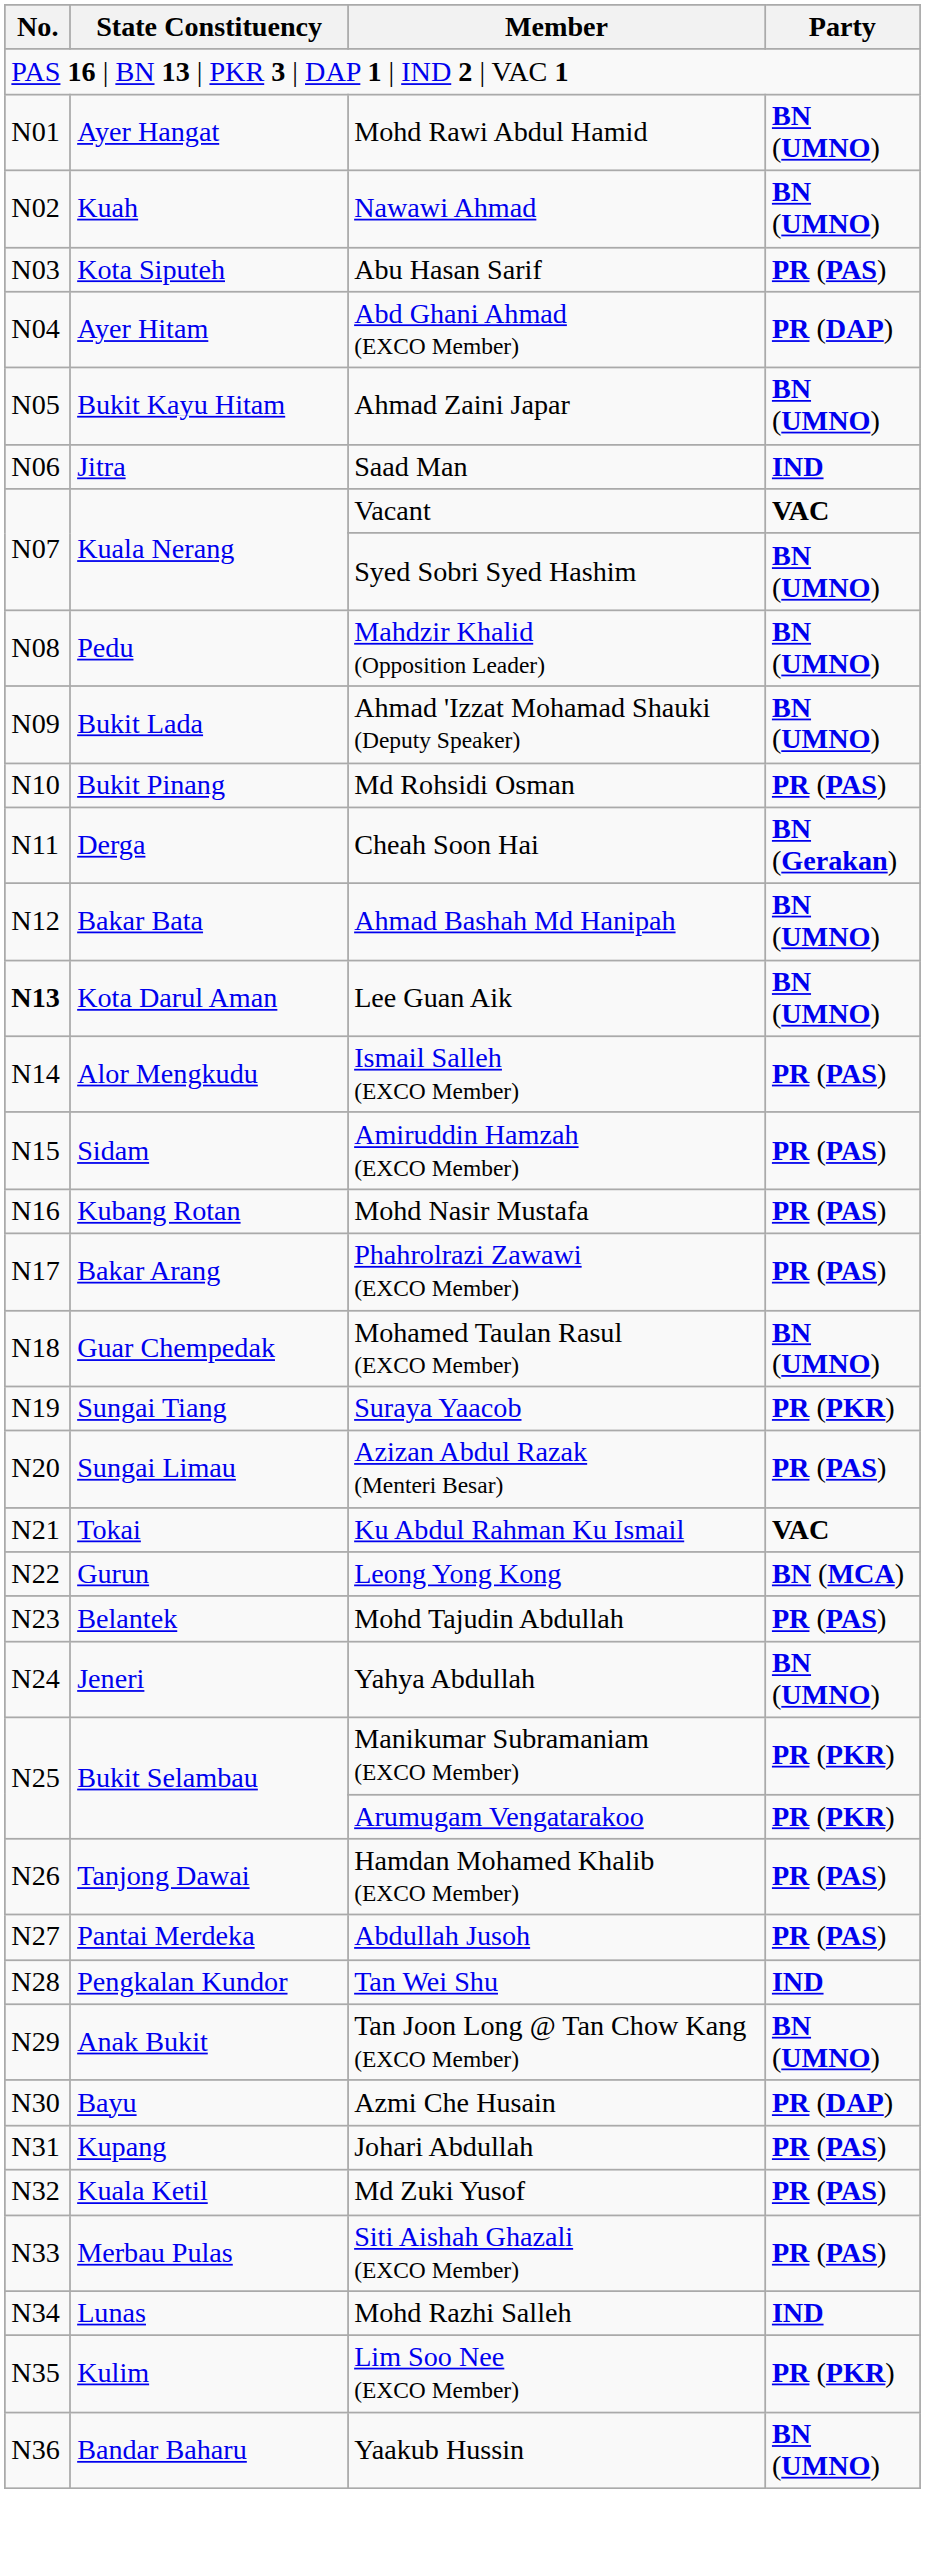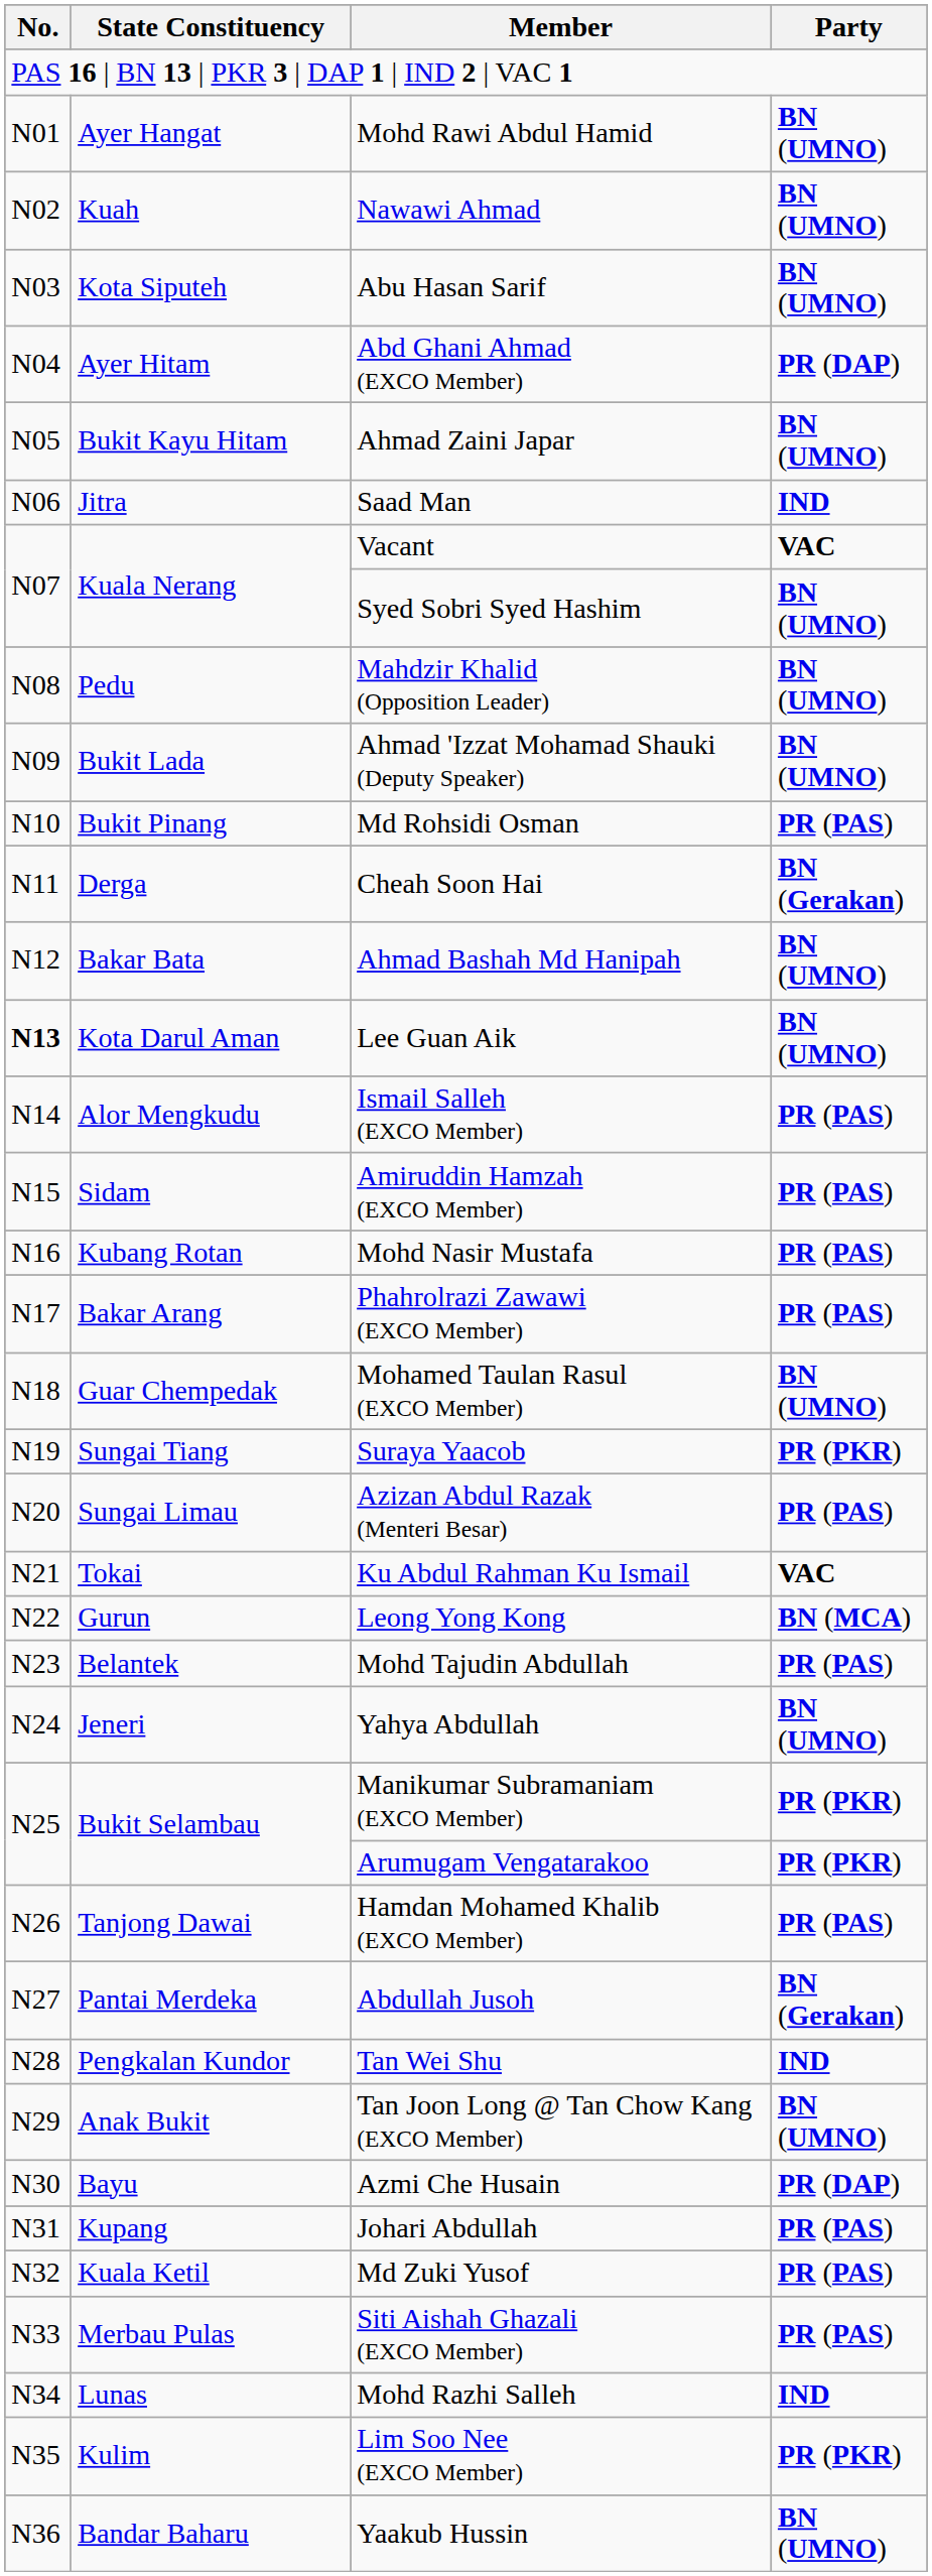 <table class="wikitable sortable">
 <tr>
 <th style="width:30px;">No.</th>
 <th style="width:150px;">State Constituency</th>
 <th style="width:230px;">Member</th>
 <th style="width:80px;">Party</th>
 </tr>
 <tr>
 <td colspan="4"><a href='#'>PAS</a> <strong>16</strong> | <a href='#'>BN</a> <strong>13</strong> | <a href='#'>PKR</a> <strong>3</strong> | <a href='#'>DAP</a> <strong>1</strong> | <a href='#'>IND</a> <strong>2</strong> | VAC <strong>1</strong></td>
 </tr>
 <tr>
 <td>N01</td>
 <td><a href='#'>Ayer Hangat</a></td>
 <td>Mohd Rawi Abdul Hamid</td>
 <td><strong><a href='#'>BN</a></strong> (<strong><a href='#'>UMNO</a></strong>)</td>
 </tr>
 <tr>
 <td>N02</td>
 <td><a href='#'>Kuah</a></td>
 <td><a href='#'>Nawawi Ahmad</a></td>
 <td><strong><a href='#'>BN</a></strong> (<strong><a href='#'>UMNO</a></strong>)</td>
 </tr>
 <tr>
 <td>N03</td>
 <td><a href='#'>Kota Siputeh</a></td>
 <td>Abu Hasan Sarif</td>
-<td><strong><a href='#'>PR</a></strong> (<strong><a href='#'>PAS</a></strong>)</td>
+<td><strong><a href='#'>BN</a></strong> (<strong><a href='#'>UMNO</a></strong>)</td>
 </tr>
 <tr>
 <td>N04</td>
 <td><a href='#'>Ayer Hitam</a></td>
 <td><a href='#'>Abd Ghani Ahmad</a> <br><small>(EXCO Member)</small></td>
 <td><strong><a href='#'>PR</a></strong> (<strong><a href='#'>DAP</a></strong>)</td>
 </tr>
 <tr>
 <td>N05</td>
 <td><a href='#'>Bukit Kayu Hitam</a></td>
 <td>Ahmad Zaini Japar</td>
 <td><strong><a href='#'>BN</a></strong> (<strong><a href='#'>UMNO</a></strong>)</td>
 </tr>
 <tr>
 <td>N06</td>
 <td><a href='#'>Jitra</a></td>
 <td>Saad Man</td>
 <td><strong><a href='#'>IND</a></strong></td>
 </tr>
 <tr>
 <td rowspan=2>N07</td>
 <td rowspan=2><a href='#'>Kuala Nerang</a></td>
 <td>Vacant </td>
 <td><strong>VAC</strong></td>
 </tr>
 <tr>
 <td>Syed Sobri Syed Hashim </td>
 <td><strong><a href='#'>BN</a></strong> (<strong><a href='#'>UMNO</a></strong>)</td>
 </tr>
 <tr>
 <td>N08</td>
 <td><a href='#'>Pedu</a></td>
 <td><a href='#'>Mahdzir Khalid</a> <br><small>(Opposition Leader)</small></td>
 <td><strong><a href='#'>BN</a></strong> (<strong><a href='#'>UMNO</a></strong>)</td>
 </tr>
 <tr>
 <td>N09</td>
 <td><a href='#'>Bukit Lada</a></td>
 <td>Ahmad 'Izzat Mohamad Shauki <br><small>(Deputy Speaker)</small></td>
 <td><strong><a href='#'>BN</a></strong> (<strong><a href='#'>UMNO</a></strong>)</td>
 </tr>
 <tr>
 <td>N10</td>
 <td><a href='#'>Bukit Pinang</a></td>
 <td>Md Rohsidi Osman</td>
 <td><strong><a href='#'>PR</a></strong> (<strong><a href='#'>PAS</a></strong>)</td>
 </tr>
 <tr>
 <td>N11</td>
 <td><a href='#'>Derga</a></td>
 <td>Cheah Soon Hai</td>
 <td><strong><a href='#'>BN</a></strong> (<strong><a href='#'>Gerakan</a></strong>)</td>
 </tr>
 <tr>
 <td>N12</td>
 <td><a href='#'>Bakar Bata</a></td>
 <td><a href='#'>Ahmad Bashah Md Hanipah</a></td>
 <td><strong><a href='#'>BN</a></strong> (<strong><a href='#'>UMNO</a></strong>)</td>
 </tr>
 <tr>
 <td><strong>N13</strong></td>
 <td><a href='#'>Kota Darul Aman</a></td>
 <td>Lee Guan Aik</td>
 <td><strong><a href='#'>BN</a></strong> (<strong><a href='#'>UMNO</a></strong>)</td>
 </tr>
 <tr>
 <td>N14</td>
 <td><a href='#'>Alor Mengkudu</a></td>
 <td><a href='#'>Ismail Salleh</a> <br><small>(EXCO Member)</small></td>
 <td><strong><a href='#'>PR</a></strong> (<strong><a href='#'>PAS</a></strong>)</td>
 </tr>
 <tr>
 <td>N15</td>
 <td><a href='#'>Sidam</a></td>
 <td><a href='#'>Amiruddin Hamzah</a> <br><small>(EXCO Member)</small></td>
 <td><strong><a href='#'>PR</a></strong> (<strong><a href='#'>PAS</a></strong>)</td>
 </tr>
 <tr>
 <td>N16</td>
 <td><a href='#'>Kubang Rotan</a></td>
 <td>Mohd Nasir Mustafa</td>
 <td><strong><a href='#'>PR</a></strong> (<strong><a href='#'>PAS</a></strong>)</td>
 </tr>
 <tr>
 <td>N17</td>
 <td><a href='#'>Bakar Arang</a></td>
 <td><a href='#'>Phahrolrazi Zawawi</a> <br><small>(EXCO Member)</small></td>
 <td><strong><a href='#'>PR</a></strong> (<strong><a href='#'>PAS</a></strong>)</td>
 </tr>
 <tr>
 <td>N18</td>
 <td><a href='#'>Guar Chempedak</a></td>
 <td>Mohamed Taulan Rasul <br><small>(EXCO Member)</small></td>
 <td><strong><a href='#'>BN</a></strong> (<strong><a href='#'>UMNO</a></strong>)</td>
 </tr>
 <tr>
 <td>N19</td>
 <td><a href='#'>Sungai Tiang</a></td>
 <td><a href='#'>Suraya Yaacob</a></td>
 <td><strong><a href='#'>PR</a></strong> (<strong><a href='#'>PKR</a></strong>)</td>
 </tr>
 <tr>
 <td>N20</td>
 <td><a href='#'>Sungai Limau</a></td>
 <td><a href='#'>Azizan Abdul Razak</a> <br><small>(Menteri Besar)</small></td>
 <td><strong><a href='#'>PR</a></strong> (<strong><a href='#'>PAS</a></strong>)</td>
 </tr>
 <tr>
 <td>N21</td>
 <td><a href='#'>Tokai</a></td>
 <td><a href='#'>Ku Abdul Rahman Ku Ismail</a></td>
 <td><strong>VAC</strong></td>
 </tr>
 <tr>
 <td>N22</td>
 <td><a href='#'>Gurun</a></td>
 <td><a href='#'>Leong Yong Kong</a></td>
 <td><strong><a href='#'>BN</a></strong> (<strong><a href='#'>MCA</a></strong>)</td>
 </tr>
 <tr>
 <td>N23</td>
 <td><a href='#'>Belantek</a></td>
 <td>Mohd Tajudin Abdullah</td>
 <td><strong><a href='#'>PR</a></strong> (<strong><a href='#'>PAS</a></strong>)</td>
 </tr>
 <tr>
 <td>N24</td>
 <td><a href='#'>Jeneri</a></td>
 <td>Yahya Abdullah</td>
 <td><strong><a href='#'>BN</a></strong> (<strong><a href='#'>UMNO</a></strong>)</td>
 </tr>
 <tr>
 <td rowspan=2>N25</td>
 <td rowspan=2><a href='#'>Bukit Selambau</a></td>
 <td>Manikumar Subramaniam  <br><small>(EXCO Member)</small></td>
 <td><strong><a href='#'>PR</a></strong> (<strong><a href='#'>PKR</a></strong>)</td>
 </tr>
 <tr>
 <td><a href='#'>Arumugam Vengatarakoo</a> </td>
 <td><strong><a href='#'>PR</a></strong> (<strong><a href='#'>PKR</a></strong>)</td>
 </tr>
 <tr>
 <td>N26</td>
 <td><a href='#'>Tanjong Dawai</a></td>
 <td>Hamdan Mohamed Khalib <br><small>(EXCO Member)</small></td>
 <td><strong><a href='#'>PR</a></strong> (<strong><a href='#'>PAS</a></strong>)</td>
 </tr>
 <tr>
 <td>N27</td>
 <td><a href='#'>Pantai Merdeka</a></td>
 <td><a href='#'>Abdullah Jusoh</a></td>
-<td><strong><a href='#'>PR</a></strong> (<strong><a href='#'>PAS</a></strong>)</td>
+<td><strong><a href='#'>BN</a></strong> (<strong><a href='#'>Gerakan</a></strong>)</td>
 </tr>
 <tr>
 <td>N28</td>
 <td><a href='#'>Pengkalan Kundor</a></td>
 <td><a href='#'>Tan Wei Shu</a></td>
 <td><strong><a href='#'>IND</a></strong></td>
 </tr>
 <tr>
 <td>N29</td>
 <td><a href='#'>Anak Bukit</a></td>
 <td>Tan Joon Long @ Tan Chow Kang <br><small>(EXCO Member)</small></td>
 <td><strong><a href='#'>BN</a></strong> (<strong><a href='#'>UMNO</a></strong>)</td>
 </tr>
 <tr>
 <td>N30</td>
 <td><a href='#'>Bayu</a></td>
 <td>Azmi Che Husain</td>
 <td><strong><a href='#'>PR</a></strong> (<strong><a href='#'>DAP</a></strong>)</td>
 </tr>
 <tr>
 <td>N31</td>
 <td><a href='#'>Kupang</a></td>
 <td>Johari Abdullah</td>
 <td><strong><a href='#'>PR</a></strong> (<strong><a href='#'>PAS</a></strong>)</td>
 </tr>
 <tr>
 <td>N32</td>
 <td><a href='#'>Kuala Ketil</a></td>
 <td>Md Zuki Yusof</td>
 <td><strong><a href='#'>PR</a></strong> (<strong><a href='#'>PAS</a></strong>)</td>
 </tr>
 <tr>
 <td>N33</td>
 <td><a href='#'>Merbau Pulas</a></td>
 <td><a href='#'>Siti Aishah Ghazali</a> <br><small>(EXCO Member)</small></td>
 <td><strong><a href='#'>PR</a></strong> (<strong><a href='#'>PAS</a></strong>)</td>
 </tr>
 <tr>
 <td>N34</td>
 <td><a href='#'>Lunas</a></td>
 <td>Mohd Razhi Salleh</td>
 <td><strong><a href='#'>IND</a></strong></td>
 </tr>
 <tr>
 <td>N35</td>
 <td><a href='#'>Kulim</a></td>
 <td><a href='#'>Lim Soo Nee</a> <br><small>(EXCO Member)</small></td>
 <td><strong><a href='#'>PR</a></strong> (<strong><a href='#'>PKR</a></strong>)</td>
 </tr>
 <tr>
 <td>N36</td>
 <td><a href='#'>Bandar Baharu</a></td>
 <td>Yaakub Hussin</td>
 <td><strong><a href='#'>BN</a></strong> (<strong><a href='#'>UMNO</a></strong>)</td>
 </tr>
 </table>
